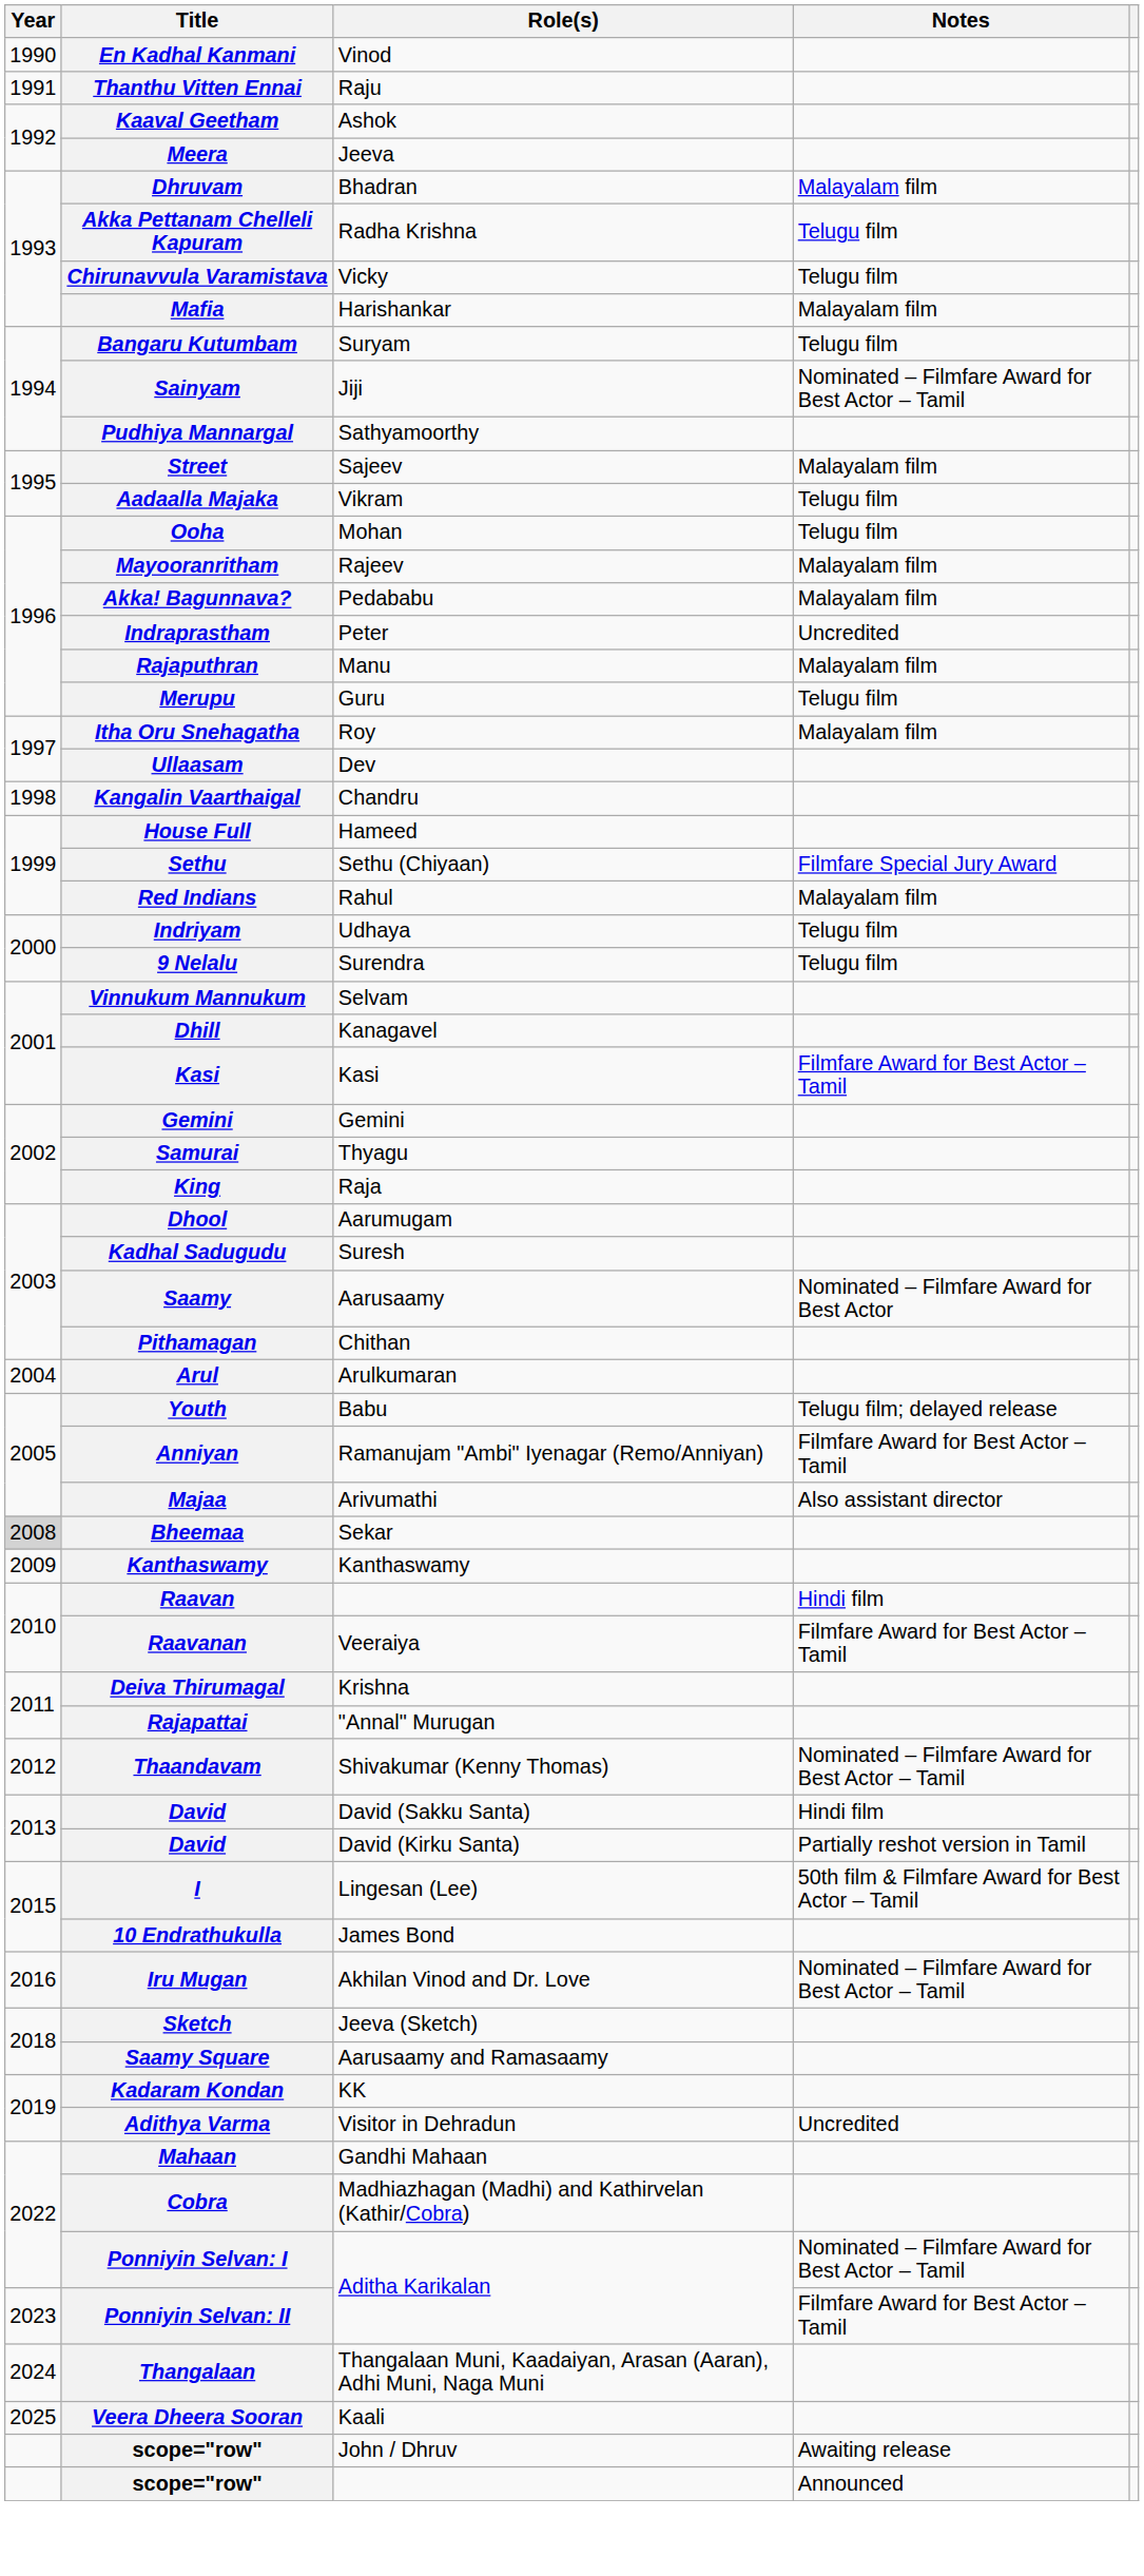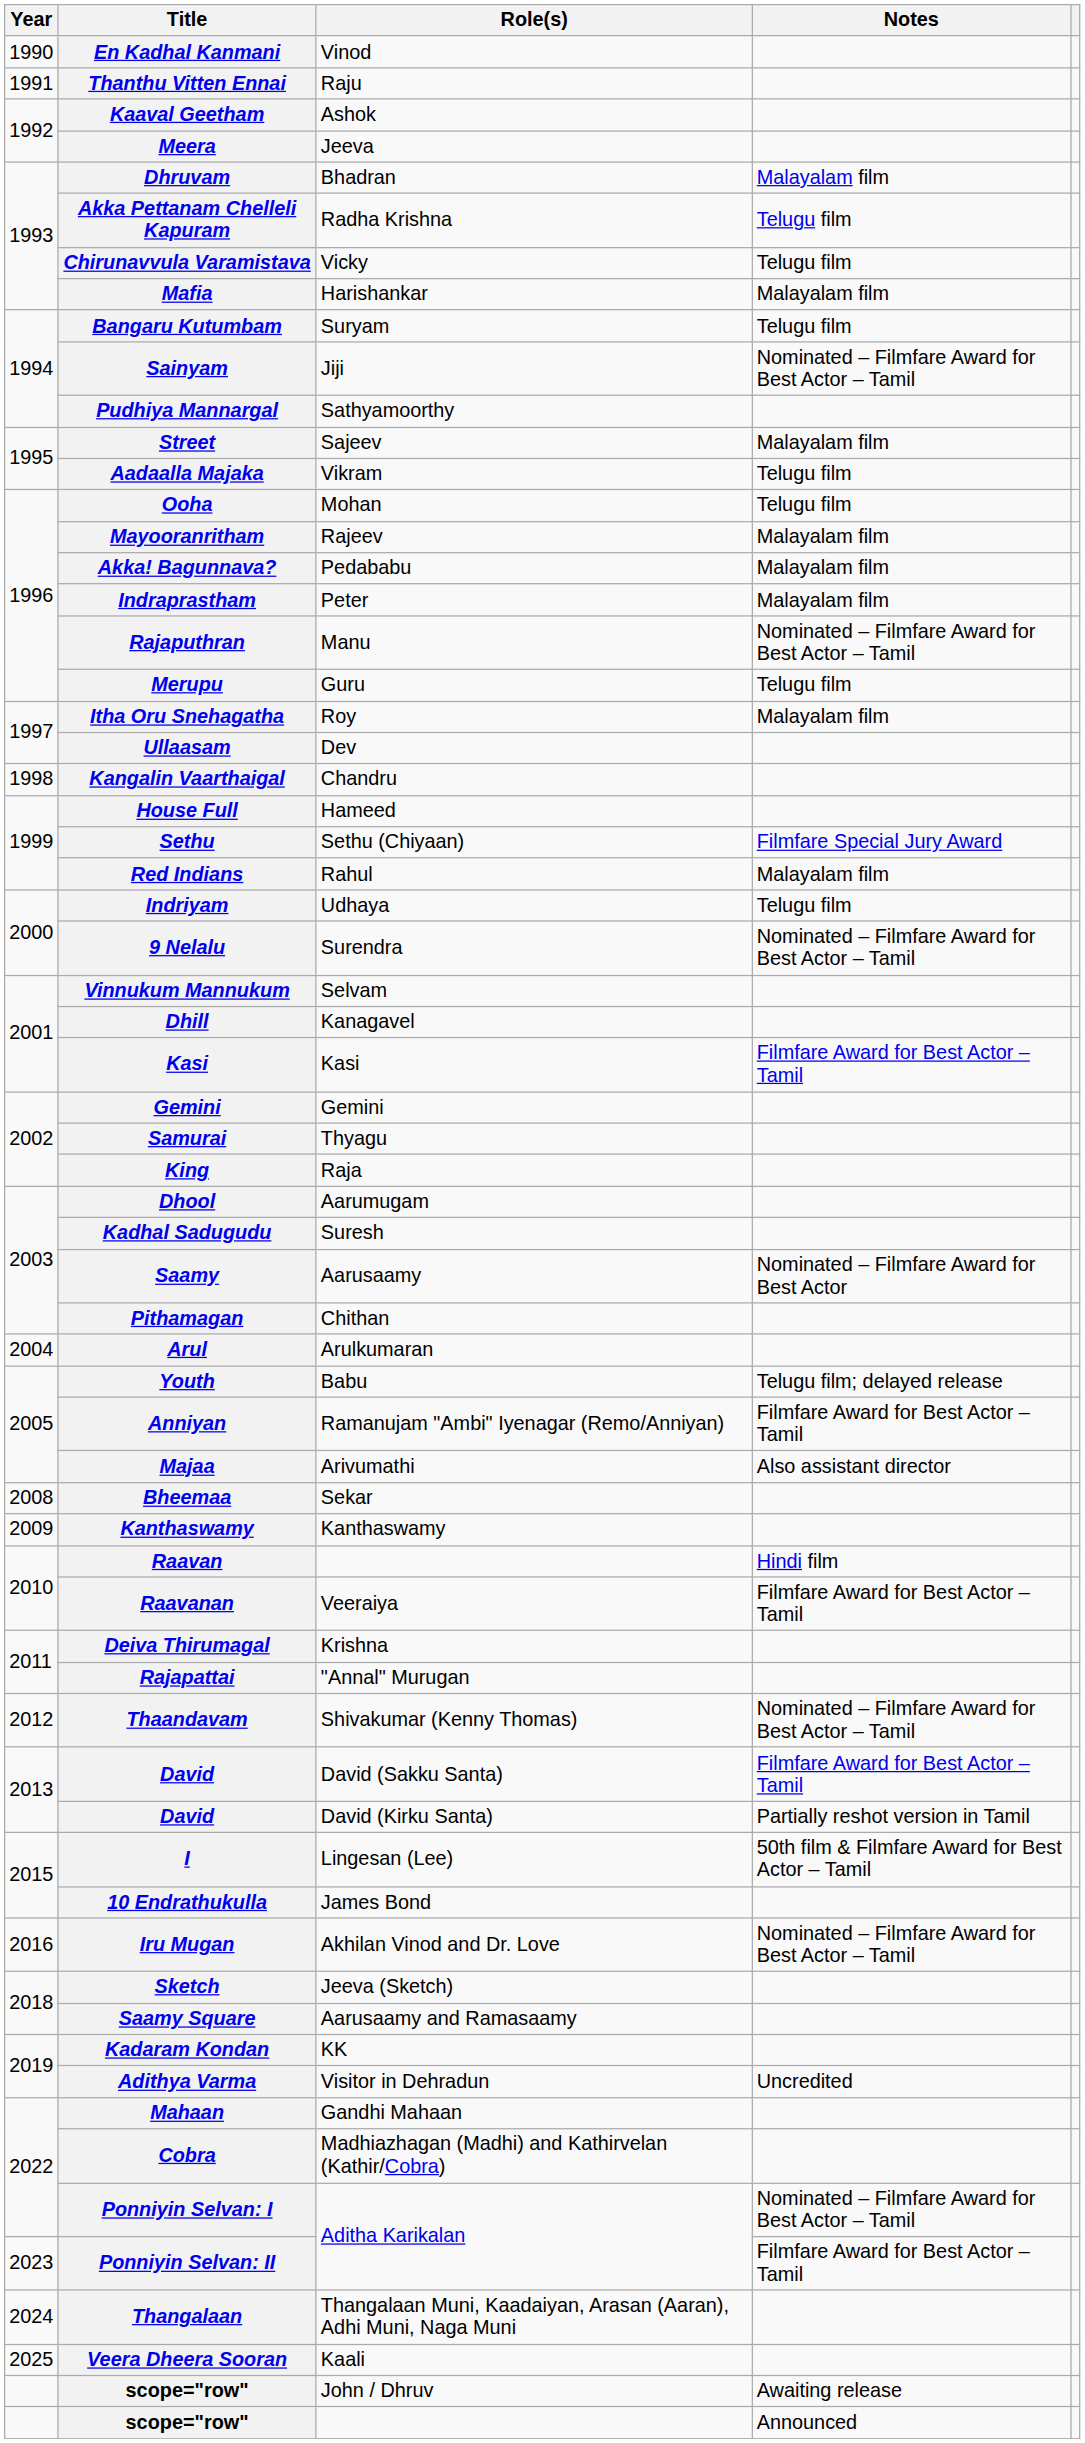 <table class="wikitable plainrowheaders sortable">
 <tr>
 <th scope="col">Year</th>
 <th scope="col">Title</th>
 <th scope="col">Role(s)</th>
 <th scope="col" class="unsortable">Notes</th>
 <th scope="col" class="unsortable"></th>
 </tr>
 <tr>
 <td scope="row">1990</td>
 <th scope="row"><em><a href='#'>En Kadhal Kanmani</a></em></th>
 <td>Vinod</td>
 <td></td>
 <td style="text-align: center;"></td>
 </tr>
 <tr>
 <td scope="row">1991</td>
 <th scope="row"><em><a href='#'>Thanthu Vitten Ennai</a></em></th>
 <td>Raju</td>
 <td></td>
 <td style="text-align: center;"></td>
 </tr>
 <tr>
 <td rowspan="2">1992</td>
 <th scope="row"><em><a href='#'>Kaaval Geetham</a></em></th>
 <td>Ashok</td>
 <td></td>
 <td style="text-align: center;"></td>
 </tr>
 <tr>
 <th scope="row"><em><a href='#'>Meera</a></em></th>
 <td>Jeeva</td>
 <td></td>
 <td style="text-align: center;"></td>
 </tr>
 <tr>
 <td rowspan="4">1993</td>
 <th scope="row"><em><a href='#'>Dhruvam</a></em></th>
 <td>Bhadran</td>
 <td><a href='#'>Malayalam</a> film</td>
 <td style="text-align: center;"></td>
 </tr>
 <tr>
 <th scope="row"><em><a href='#'>Akka Pettanam Chelleli Kapuram</a></em></th>
 <td>Radha Krishna</td>
 <td><a href='#'>Telugu</a> film</td>
 <td style="text-align: center;"></td>
 </tr>
 <tr>
 <th scope="row"><em><a href='#'>Chirunavvula Varamistava</a></em></th>
 <td>Vicky</td>
 <td>Telugu film</td>
 <td style="text-align: center;"></td>
 </tr>
 <tr>
 <th scope="row"><em><a href='#'>Mafia</a></em></th>
 <td>Harishankar</td>
 <td>Malayalam film</td>
 <td style="text-align: center;"></td>
 </tr>
 <tr>
 <td rowspan="3">1994</td>
 <th scope="row"><em><a href='#'>Bangaru Kutumbam</a></em></th>
 <td>Suryam</td>
 <td>Telugu film</td>
 <td style="text-align: center;"></td>
 </tr>
 <tr>
 <th scope="row"><em><a href='#'>Sainyam</a></em></th>
 <td>Jiji</td>
 <td>Nominated – Filmfare Award for Best Actor – Tamil</td>
 <td style="text-align: center;"></td>
 </tr>
 <tr>
 <th scope="row"><em><a href='#'>Pudhiya Mannargal</a></em></th>
 <td>Sathyamoorthy</td>
 <td></td>
 <td style="text-align: center;"></td>
 </tr>
 <tr>
 <td rowspan="2">1995</td>
 <th scope="row"><em><a href='#'>Street</a></em></th>
 <td>Sajeev</td>
 <td>Malayalam film</td>
 <td style="text-align: center;"></td>
 </tr>
 <tr>
 <th scope="row"><em><a href='#'>Aadaalla Majaka</a></em></th>
 <td>Vikram</td>
 <td>Telugu film</td>
 <td style="text-align: center;"></td>
 </tr>
 <tr>
 <td rowspan="6">1996</td>
 <th scope="row"><em><a href='#'>Ooha</a></em></th>
 <td>Mohan</td>
 <td>Telugu film</td>
 <td style="text-align: center;"></td>
 </tr>
 <tr>
 <th scope="row"><em><a href='#'>Mayooranritham</a></em></th>
 <td>Rajeev</td>
 <td>Malayalam film</td>
 <td style="text-align: center;"></td>
 </tr>
 <tr>
 <th scope="row"><em><a href='#'>Akka! Bagunnava?</a></em></th>
 <td>Pedababu</td>
 <td>Malayalam film</td>
 <td style="text-align: center;"></td>
 </tr>
 <tr>
 <th scope="row"><em><a href='#'>Indraprastham</a></em></th>
 <td>Peter</td>
-<td>Uncredited</td>
+<td>Malayalam film</td>
 <td style="text-align: center;"></td>
 </tr>
 <tr>
 <th scope="row"><em><a href='#'>Rajaputhran</a></em></th>
 <td>Manu</td>
-<td>Malayalam film</td>
+<td>Nominated – Filmfare Award for Best Actor – Tamil</td>
 <td style="text-align: center;"></td>
 </tr>
 <tr>
 <th scope="row"><em><a href='#'>Merupu</a></em></th>
 <td>Guru</td>
 <td>Telugu film</td>
 <td style="text-align: center;"></td>
 </tr>
 <tr>
 <td rowspan="2">1997</td>
 <th scope="row"><em><a href='#'>Itha Oru Snehagatha</a></em></th>
 <td>Roy</td>
 <td>Malayalam film</td>
 <td style="text-align: center;"></td>
 </tr>
 <tr>
 <th scope="row"><em><a href='#'>Ullaasam</a></em></th>
 <td>Dev</td>
 <td></td>
 <td style="text-align: center;"></td>
 </tr>
 <tr>
 <td scope="row">1998</td>
 <th scope="row"><em><a href='#'>Kangalin Vaarthaigal</a></em></th>
 <td>Chandru</td>
 <td></td>
 <td style="text-align: center;"></td>
 </tr>
 <tr>
 <td rowspan="3">1999</td>
 <th scope="row"><em><a href='#'>House Full</a></em></th>
 <td>Hameed</td>
 <td></td>
 <td style="text-align: center;"></td>
 </tr>
 <tr>
 <th scope="row"><em><a href='#'>Sethu</a></em></th>
 <td>Sethu (Chiyaan)</td>
 <td><a href='#'>Filmfare Special Jury Award</a></td>
 <td style="text-align: center;"></td>
 </tr>
 <tr>
 <th scope="row"><em><a href='#'>Red Indians</a></em></th>
 <td>Rahul</td>
 <td>Malayalam film</td>
 <td style="text-align: center;"></td>
 </tr>
 <tr>
 <td rowspan="2">2000</td>
 <th scope="row"><em><a href='#'>Indriyam</a></em></th>
 <td>Udhaya</td>
 <td>Telugu film</td>
 <td style="text-align: center;"></td>
 </tr>
 <tr>
 <th scope="row"><em><a href='#'>9 Nelalu</a></em></th>
 <td>Surendra</td>
-<td>Telugu film</td>
+<td>Nominated – Filmfare Award for Best Actor – Tamil</td>
 <td style="text-align: center;"></td>
 </tr>
 <tr>
 <td rowspan="3">2001</td>
 <th scope="row"><em><a href='#'>Vinnukum Mannukum</a></em></th>
 <td>Selvam</td>
 <td></td>
 <td style="text-align: center;"></td>
 </tr>
 <tr>
 <th scope="row"><em><a href='#'>Dhill</a></em></th>
 <td>Kanagavel</td>
 <td></td>
 <td style="text-align: center;"></td>
 </tr>
 <tr>
 <th scope="row"><em><a href='#'>Kasi</a></em></th>
 <td>Kasi</td>
 <td><a href='#'>Filmfare Award for Best Actor&nbsp;– Tamil</a></td>
 <td style="text-align: center;"></td>
 </tr>
 <tr>
 <td rowspan="3">2002</td>
 <th scope="row"><em><a href='#'>Gemini</a></em></th>
 <td>Gemini</td>
 <td></td>
 <td style="text-align: center;"></td>
 </tr>
 <tr>
 <th scope="row"><em><a href='#'>Samurai</a></em></th>
 <td>Thyagu</td>
 <td></td>
 <td style="text-align: center;"></td>
 </tr>
 <tr>
 <th scope="row"><em><a href='#'>King</a></em></th>
 <td>Raja</td>
 <td></td>
 <td style="text-align: center;"></td>
 </tr>
 <tr>
 <td rowspan="4">2003</td>
 <th scope="row"><em><a href='#'>Dhool</a></em></th>
 <td>Aarumugam</td>
 <td></td>
 <td style="text-align: center;"></td>
 </tr>
 <tr>
 <th scope="row"><em><a href='#'>Kadhal Sadugudu</a></em></th>
 <td>Suresh</td>
 <td></td>
 <td style="text-align: center;"></td>
 </tr>
 <tr>
 <th scope="row"><em><a href='#'>Saamy</a></em></th>
 <td>Aarusaamy</td>
 <td>Nominated – Filmfare Award for Best Actor</td>
 <td style="text-align: center;"></td>
 </tr>
 <tr>
 <th scope="row"><em><a href='#'>Pithamagan</a></em></th>
 <td>Chithan</td>
 <td></td>
 <td style="text-align: center;"></td>
 </tr>
 <tr>
 <td scope="row">2004</td>
 <th scope="row"><em><a href='#'>Arul</a></em></th>
 <td>Arulkumaran</td>
 <td></td>
 <td style="text-align: center;"></td>
 </tr>
 <tr>
 <td rowspan="3">2005</td>
 <th scope="row"><em><a href='#'>Youth</a></em></th>
 <td>Babu</td>
 <td>Telugu film; delayed release</td>
 <td style="text-align: center;"></td>
 </tr>
 <tr>
 <th scope="row"><em><a href='#'>Anniyan</a></em></th>
 <td>Ramanujam "Ambi" Iyenagar (Remo/Anniyan)</td>
 <td>Filmfare Award for Best Actor – Tamil</td>
 <td style="text-align: center;"></td>
 </tr>
 <tr>
 <th scope="row"><em><a href='#'>Majaa</a></em></th>
 <td>Arivumathi</td>
 <td>Also assistant director</td>
 <td style="text-align: center;"></td>
 </tr>
 <tr>
-<td scope="row" style="background: lightgrey;">2008</td>
+<td scope="row">2008</td>
 <th scope="row"><em><a href='#'>Bheemaa</a></em></th>
 <td>Sekar</td>
 <td></td>
 <td style="text-align: center;"></td>
 </tr>
 <tr>
 <td scope="row">2009</td>
 <th scope="row"><em><a href='#'>Kanthaswamy</a></em></th>
 <td>Kanthaswamy</td>
 <td></td>
 <td style="text-align: center;"></td>
 </tr>
 <tr>
 <td rowspan="2">2010</td>
 <th scope="row"><em><a href='#'>Raavan</a></em></th>
 <td></td>
 <td><a href='#'>Hindi</a> film</td>
 <td style="text-align: center;"></td>
 </tr>
 <tr>
 <th scope="row"><em><a href='#'>Raavanan</a></em></th>
 <td>Veeraiya</td>
 <td>Filmfare Award for Best Actor – Tamil</td>
 <td style="text-align: center;"></td>
 </tr>
 <tr>
 <td rowspan="2">2011</td>
 <th scope="row"><em><a href='#'>Deiva Thirumagal</a></em></th>
 <td>Krishna</td>
 <td></td>
 <td style="text-align: center;"></td>
 </tr>
 <tr>
 <th scope="row"><em><a href='#'>Rajapattai</a></em></th>
 <td>"Annal" Murugan</td>
 <td></td>
 <td style="text-align: center;"></td>
 </tr>
 <tr>
 <td scope="row">2012</td>
 <th scope="row"><em><a href='#'>Thaandavam</a></em></th>
 <td>Shivakumar (Kenny Thomas)</td>
 <td>Nominated – Filmfare Award for Best Actor – Tamil</td>
 <td style="text-align: center;"></td>
 </tr>
 <tr>
 <td rowspan="2">2013</td>
 <th scope="row"><em><a href='#'>David</a></em></th>
 <td>David (Sakku Santa)</td>
-<td>Hindi film</td>
+<td><a href='#'>Filmfare Award for Best Actor&nbsp;– Tamil</a></td>
 <td style="text-align: center;"></td>
 </tr>
 <tr>
 <th scope="row"><em><a href='#'>David</a></em></th>
 <td>David (Kirku Santa)</td>
 <td>Partially reshot version in Tamil</td>
 <td style="text-align: center;"></td>
 </tr>
 <tr>
 <td rowspan="2">2015</td>
 <th scope="row"><em><a href='#'>I</a></em></th>
 <td>Lingesan (Lee)</td>
 <td>50th film & Filmfare Award for Best Actor – Tamil</td>
 <td style="text-align: center;"></td>
 </tr>
 <tr>
 <th scope="row"><em><a href='#'>10 Endrathukulla</a></em></th>
 <td>James Bond</td>
 <td></td>
 <td style="text-align: center;"></td>
 </tr>
 <tr>
 <td scope="row">2016</td>
 <th scope="row"><em><a href='#'>Iru Mugan</a></em></th>
 <td>Akhilan Vinod and Dr. Love</td>
 <td>Nominated – Filmfare Award for Best Actor – Tamil</td>
 <td style="text-align: center;"></td>
 </tr>
 <tr>
 <td rowspan="2">2018</td>
 <th scope="row"><em><a href='#'>Sketch</a></em></th>
 <td>Jeeva (Sketch)</td>
 <td></td>
 <td style="text-align: center;"></td>
 </tr>
 <tr>
 <th scope="row"><em><a href='#'>Saamy Square</a></em></th>
 <td>Aarusaamy and Ramasaamy</td>
 <td></td>
 <td style="text-align: center;"></td>
 </tr>
 <tr>
 <td rowspan="2">2019</td>
 <th scope="row"><em><a href='#'>Kadaram Kondan</a></em></th>
 <td>KK</td>
 <td></td>
 <td style="text-align: center;"></td>
 </tr>
 <tr>
 <th scope="row"><em><a href='#'>Adithya Varma</a></em></th>
 <td>Visitor in Dehradun</td>
 <td>Uncredited</td>
 <td style="text-align: center;"></td>
 </tr>
 <tr>
 <td rowspan="3">2022</td>
 <th scope="row"><em><a href='#'>Mahaan</a></em></th>
 <td>Gandhi Mahaan</td>
 <td></td>
 <td style="text-align:center;"></td>
 </tr>
 <tr>
 <th scope="row"><em><a href='#'>Cobra</a></em></th>
 <td>Madhiazhagan (Madhi) and Kathirvelan (Kathir/<a href='#'>Cobra</a>)</td>
 <td></td>
 <td style="text-align: center;"></td>
 </tr>
 <tr>
 <th scope="row"><em><a href='#'>Ponniyin Selvan: I</a></em></th>
 <td rowspan="2"><a href='#'>Aditha Karikalan</a></td>
 <td>Nominated – Filmfare Award for Best Actor – Tamil</td>
 <td style="text-align: center;"></td>
 </tr>
 <tr>
 <td rowspan="1">2023</td>
 <th scope="row"><em><a href='#'>Ponniyin Selvan: II</a></em></th>
 <td>Filmfare Award for Best Actor – Tamil</td>
 <td style="text-align: center;"></td>
 </tr>
 <tr>
 <td>2024</td>
 <th scope="row"><em><a href='#'>Thangalaan</a></em></th>
 <td>Thangalaan Muni, Kaadaiyan, Arasan (Aaran), Adhi Muni, Naga Muni</td>
 <td></td>
 <td style="text-align: center;"></td>
 </tr>
 <tr>
 <td>2025</td>
 <th scope=row><em><a href='#'>Veera Dheera Sooran</a></em></th>
 <td>Kaali</td>
 <td></td>
 <td style="text-align: center;"></td>
 </tr>
 <tr>
 <td></td>
 <th>scope="row" </th>
 <td>John / Dhruv</td>
 <td>Awaiting release</td>
 <td style="text-align: center;"></td>
 </tr>
 <tr>
 <td></td>
 <th>scope="row" </th>
 <td></td>
 <td>Announced</td>
 <td style="text-align: center;"></td>
 </tr>
 </table>
